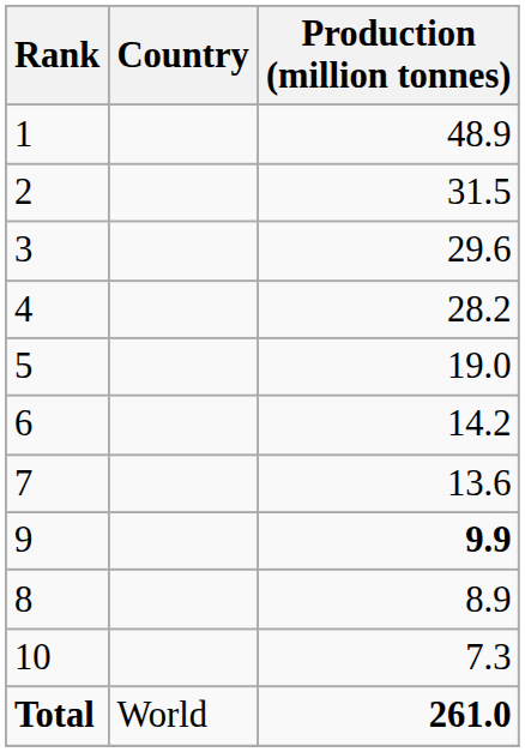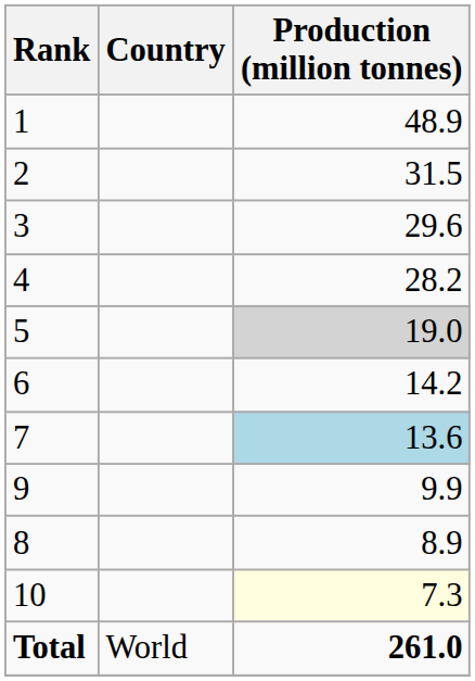 <table class="wikitable">
 <tr>
 <th>Rank</th>
 <th>Country</th>
 <th abbr="Production">Production<br>(million tonnes)</th>
 </tr>
 <tr>
 <td>1</td>
 <td></td>
 <td style="text-align:right;">48.9</td>
 </tr>
 <tr>
 <td>2</td>
 <td></td>
 <td style="text-align:right;">31.5</td>
 </tr>
 <tr>
 <td>3</td>
 <td></td>
 <td style="text-align:right;">29.6</td>
 </tr>
 <tr>
 <td>4</td>
 <td></td>
 <td style="text-align:right;">28.2</td>
 </tr>
 <tr>
 <td>5</td>
 <td></td>
-<td style="text-align:right;">19.0</td>
+<td style="background: lightgrey; text-align:right;">19.0</td>
 </tr>
 <tr>
 <td>6</td>
 <td></td>
 <td style="text-align:right;">14.2</td>
 </tr>
 <tr>
 <td>7</td>
 <td></td>
-<td style="text-align:right;">13.6</td>
+<td style="background: lightblue; text-align:right;">13.6</td>
 </tr>
 <tr>
 <td>9</td>
 <td></td>
-<td style="text-align:right;"><strong>9.9</strong></td>
+<td style="text-align:right;">9.9</td>
 </tr>
 <tr>
 <td>8</td>
 <td></td>
 <td style="text-align:right;">8.9</td>
 </tr>
 <tr>
 <td>10</td>
 <td></td>
-<td style="text-align:right;">7.3</td>
+<td style="background: lightyellow; text-align:right;">7.3</td>
 </tr>
 <tr>
 <td><strong>Total</strong></td>
 <td>World</td>
 <td style="text-align:right;"><strong>261.0</strong></td>
 </tr>
 <tr>
 </tr>
 </table>
